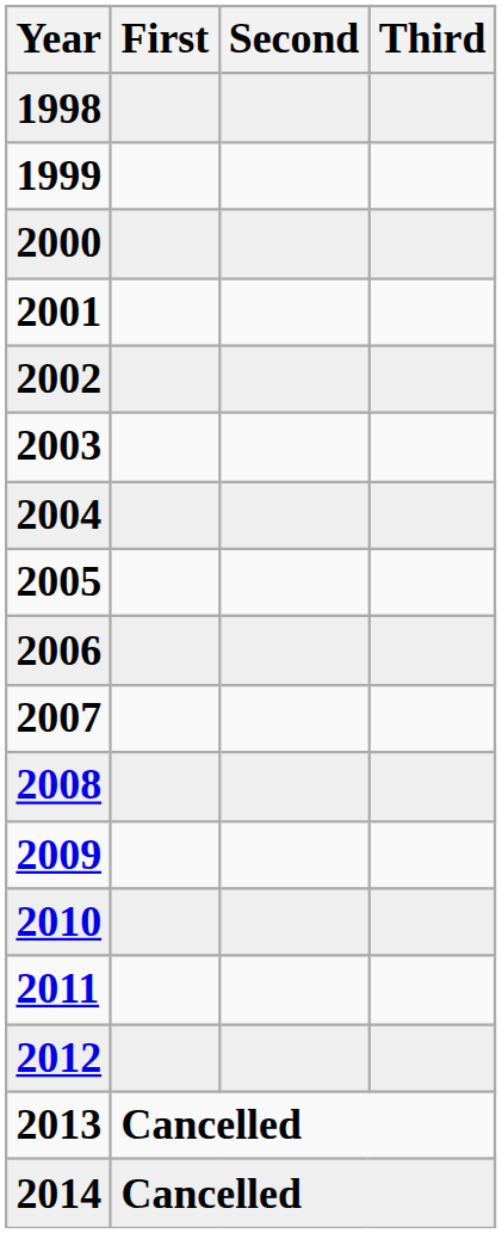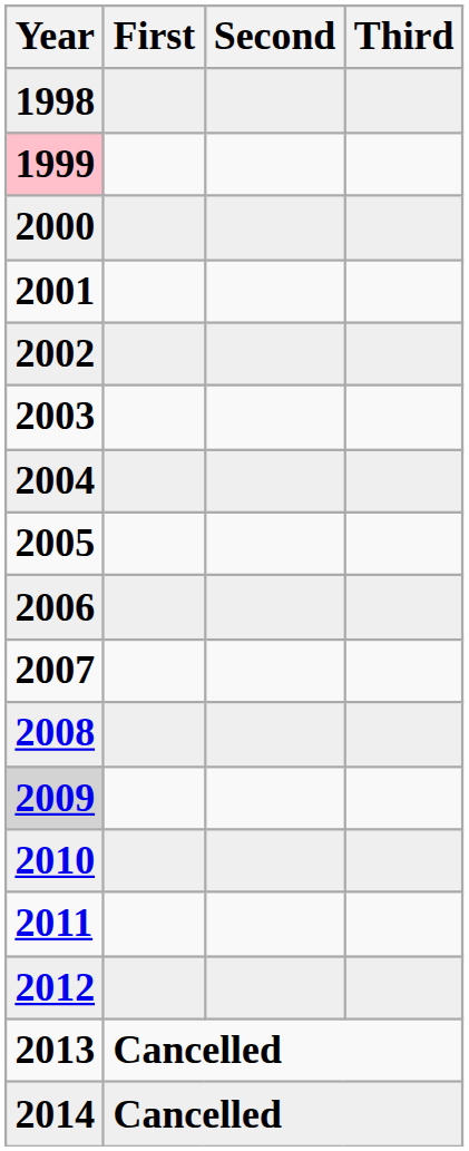 <table class = "wikitable sortable">
 <tr>
 <th>Year</th>
 <th>First</th>
 <th>Second</th>
 <th>Third</th>
 </tr>
 <tr bgcolor="#efefef">
 <td><strong>1998</strong></td>
 <td></td>
 <td></td>
 <td></td>
 </tr>
 <tr>
-<td><strong>1999</strong></td>
+<td style="background: pink;"><strong>1999</strong></td>
 <td></td>
 <td></td>
 <td></td>
 </tr>
 <tr bgcolor="#efefef">
 <td><strong>2000</strong></td>
 <td></td>
 <td></td>
 <td></td>
 </tr>
 <tr>
 <td><strong>2001</strong></td>
 <td></td>
 <td></td>
 <td></td>
 </tr>
 <tr bgcolor="#efefef">
 <td><strong>2002</strong></td>
 <td></td>
 <td></td>
 <td></td>
 </tr>
 <tr>
 <td><strong>2003</strong></td>
 <td></td>
 <td></td>
 <td></td>
 </tr>
 <tr bgcolor="#efefef">
 <td><strong>2004</strong></td>
 <td></td>
 <td></td>
 <td></td>
 </tr>
 <tr>
 <td><strong>2005</strong></td>
 <td></td>
 <td></td>
 <td></td>
 </tr>
 <tr bgcolor="#efefef">
 <td><strong>2006</strong></td>
 <td></td>
 <td></td>
 <td></td>
 </tr>
 <tr>
 <td><strong>2007</strong></td>
 <td></td>
 <td></td>
 <td></td>
 </tr>
 <tr bgcolor="#efefef">
 <td><strong><a href='#'>2008</a></strong></td>
 <td></td>
 <td></td>
 <td></td>
 </tr>
 <tr>
-<td><strong><a href='#'>2009</a></strong></td>
+<td style="background: lightgrey;"><strong><a href='#'>2009</a></strong></td>
 <td></td>
 <td></td>
 <td></td>
 </tr>
 <tr bgcolor="#efefef">
 <td><strong><a href='#'>2010</a></strong></td>
 <td></td>
 <td></td>
 <td></td>
 </tr>
 <tr>
 <td><strong><a href='#'>2011</a></strong></td>
 <td></td>
 <td></td>
 <td></td>
 </tr>
 <tr bgcolor="#efefef">
 <td><strong><a href='#'>2012</a></strong></td>
 <td></td>
 <td></td>
 <td></td>
 </tr>
 <tr>
 <td><strong>2013</strong></td>
 <td colspan=3><strong>Cancelled</strong></td>
 </tr>
 <tr bgcolor="#efefef">
 <td><strong>2014</strong></td>
 <td colspan=3><strong>Cancelled</strong></td>
 </tr>
 </table>
